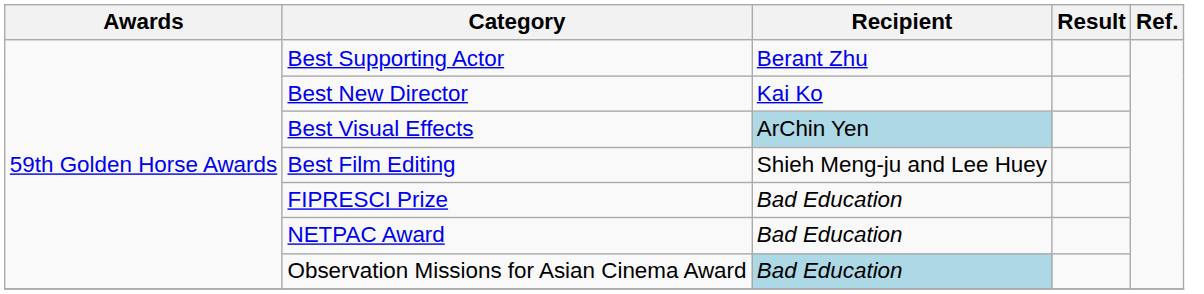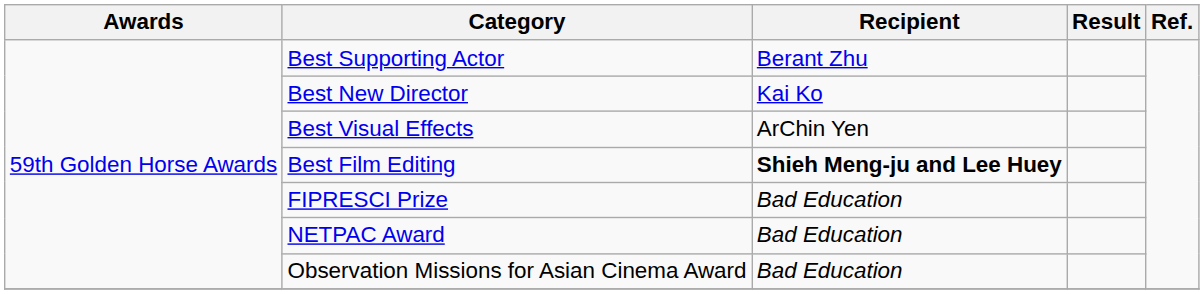 <table class="wikitable">
 <tr>
 <th>Awards</th>
 <th>Category</th>
 <th>Recipient</th>
 <th>Result</th>
 <th>Ref.</th>
 </tr>
 <tr>
 <td rowspan=7><a href='#'>59th Golden Horse Awards</a></td>
 <td><a href='#'>Best Supporting Actor</a></td>
 <td><a href='#'>Berant Zhu</a></td>
 <td></td>
 <td rowspan=7></td>
 </tr>
 <tr>
 <td><a href='#'>Best New Director</a></td>
 <td><a href='#'>Kai Ko</a></td>
 <td></td>
 </tr>
 <tr>
 <td><a href='#'>Best Visual Effects</a></td>
-<td style="background: lightblue;">ArChin Yen</td>
+<td>ArChin Yen</td>
 <td></td>
 </tr>
 <tr>
 <td><a href='#'>Best Film Editing</a></td>
-<td>Shieh Meng-ju and Lee Huey</td>
+<td><strong>Shieh Meng-ju and Lee Huey</strong></td>
 <td></td>
 </tr>
 <tr>
 <td><a href='#'>FIPRESCI Prize</a></td>
 <td><em>Bad Education</em></td>
 <td></td>
 </tr>
 <tr>
 <td><a href='#'>NETPAC Award</a></td>
 <td><em>Bad Education</em></td>
 <td></td>
 </tr>
 <tr>
 <td>Observation Missions for Asian Cinema Award</td>
-<td style="background: lightblue;"><em>Bad Education</em></td>
+<td><em>Bad Education</em></td>
 <td></td>
 </tr>
 <tr>
 </tr>
 </table>
